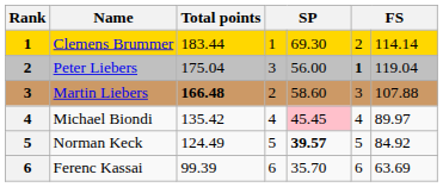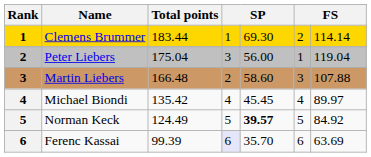 <table class="wikitable">
 <tr>
 <th>Rank</th>
 <th>Name</th>
 <th>Total points</th>
 <th colspan="2" width="80px">SP</th>
 <th colspan="2" width="80px">FS</th>
 </tr>
 <tr bgcolor="gold">
 <td align="center"><strong>1</strong></td>
 <td><a href='#'>Clemens Brummer</a></td>
 <td>183.44</td>
 <td>1</td>
 <td>69.30</td>
 <td>2</td>
 <td>114.14</td>
 </tr>
 <tr bgcolor="silver">
 <td align="center"><strong>2</strong></td>
 <td><a href='#'>Peter Liebers</a></td>
 <td>175.04</td>
 <td>3</td>
 <td>56.00</td>
-<td><strong>1</strong></td>
+<td>1</td>
 <td>119.04</td>
 </tr>
 <tr bgcolor="cc9966">
 <td align="center"><strong>3</strong></td>
 <td><a href='#'>Martin Liebers</a></td>
-<td><strong>166.48</strong></td>
+<td>166.48</td>
 <td>2</td>
 <td>58.60</td>
 <td>3</td>
 <td>107.88</td>
 </tr>
 <tr>
 <th>4</th>
 <td>Michael Biondi</td>
 <td>135.42</td>
 <td>4</td>
-<td style="background: pink;">45.45</td>
+<td>45.45</td>
 <td>4</td>
 <td>89.97</td>
 </tr>
 <tr>
 <th>5</th>
 <td>Norman Keck</td>
 <td>124.49</td>
 <td>5</td>
 <td><strong>39.57</strong></td>
 <td>5</td>
 <td>84.92</td>
 </tr>
 <tr>
 <th>6</th>
 <td>Ferenc Kassai</td>
 <td>99.39</td>
-<td>6</td>
+<td style="background: lavender;">6</td>
 <td>35.70</td>
 <td>6</td>
 <td>63.69</td>
 </tr>
 </table>
